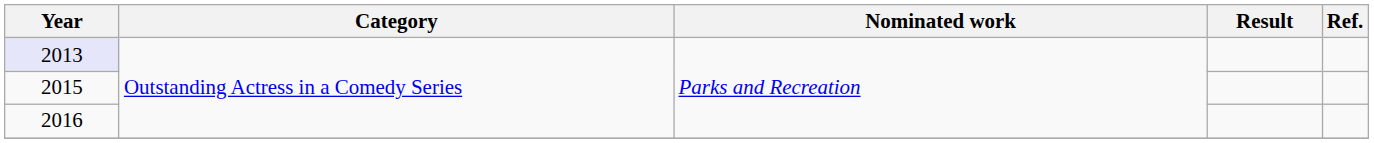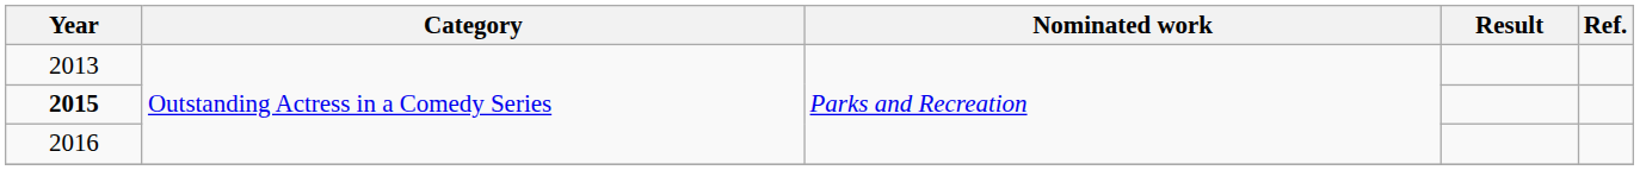 <table class=wikitable>
 <tr>
 <th scope="col" style="width:5em;">Year</th>
 <th scope="col" style="width:26em;">Category</th>
 <th scope="col" style="width:25em;">Nominated work</th>
 <th scope="col" style="width:5em;">Result</th>
 <th>Ref.</th>
 </tr>
 <tr>
-<td style="background: lavender; text-align:center;">2013</td>
+<td style="text-align:center;">2013</td>
 <td rowspan=3><a href='#'>Outstanding Actress in a Comedy Series</a></td>
 <td rowspan=3><em><a href='#'>Parks and Recreation</a></em></td>
 <td></td>
 <td></td>
 </tr>
 <tr>
-<td style="text-align:center;">2015</td>
+<td style="text-align:center;"><strong>2015</strong></td>
 <td></td>
 <td></td>
 </tr>
 <tr>
 <td style="text-align:center;">2016</td>
 <td></td>
 <td></td>
 </tr>
 <tr>
 </tr>
 </table>
